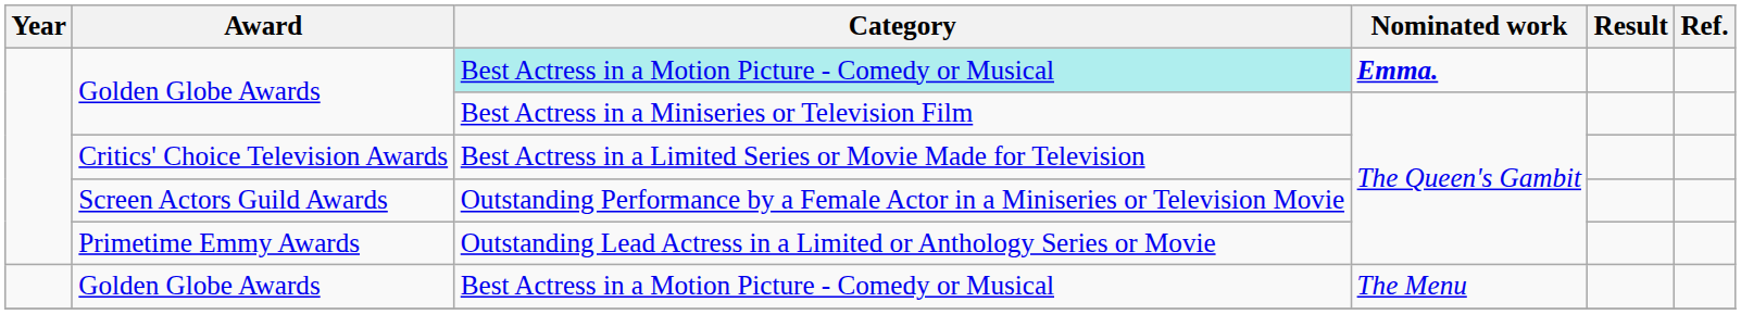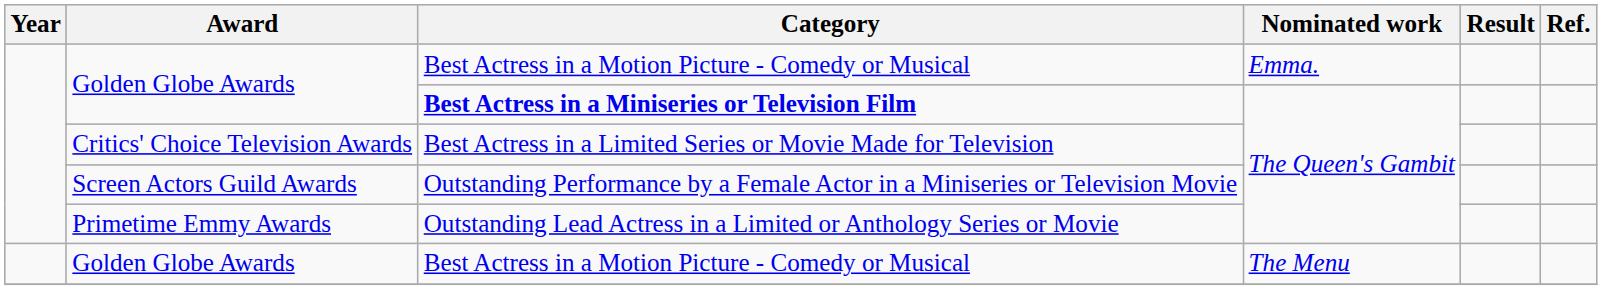 <table class="wikitable sortable">
 <tr>
 <th>Year</th>
 <th>Award</th>
 <th>Category</th>
 <th>Nominated work</th>
 <th>Result</th>
 <th>Ref.</th>
 </tr>
 <tr>
 <td rowspan="5"></td>
 <td rowspan="2"><a href='#'>Golden Globe Awards</a></td>
-<td style="background: paleturquoise;"><a href='#'>Best Actress in a Motion Picture - Comedy or Musical</a></td>
-<td><strong><em><a href='#'>Emma.</a></em></strong></td>
+<td><a href='#'>Best Actress in a Motion Picture - Comedy or Musical</a></td>
+<td><em><a href='#'>Emma.</a></em></td>
 <td></td>
 <td style="text-align:center;"></td>
 </tr>
 <tr>
-<td><a href='#'>Best Actress in a Miniseries or Television Film</a></td>
+<td><strong><a href='#'>Best Actress in a Miniseries or Television Film</a></strong></td>
 <td rowspan="4"><em><a href='#'>The Queen's Gambit</a></em></td>
 <td></td>
 <td style="text-align:center;"></td>
 </tr>
 <tr>
 <td><a href='#'>Critics' Choice Television Awards</a></td>
 <td><a href='#'>Best Actress in a Limited Series or Movie Made for Television</a></td>
 <td></td>
 <td style="text-align:center;"></td>
 </tr>
 <tr>
 <td><a href='#'>Screen Actors Guild Awards</a></td>
 <td><a href='#'> Outstanding Performance by a Female Actor in a Miniseries or Television Movie</a></td>
 <td></td>
 <td style="text-align:center;"></td>
 </tr>
 <tr>
 <td><a href='#'>Primetime Emmy Awards</a></td>
 <td><a href='#'>Outstanding Lead Actress in a Limited or Anthology Series or Movie</a></td>
 <td></td>
 <td style="text-align:center;"></td>
 </tr>
 <tr>
 <td></td>
 <td><a href='#'>Golden Globe Awards</a></td>
 <td><a href='#'>Best Actress in a Motion Picture - Comedy or Musical</a></td>
 <td><em><a href='#'>The Menu</a></em></td>
 <td></td>
 <td style="text-align:center;"></td>
 </tr>
 <tr>
 </tr>
 </table>
